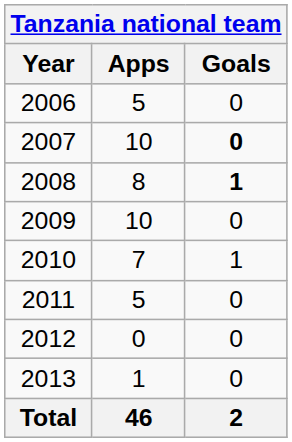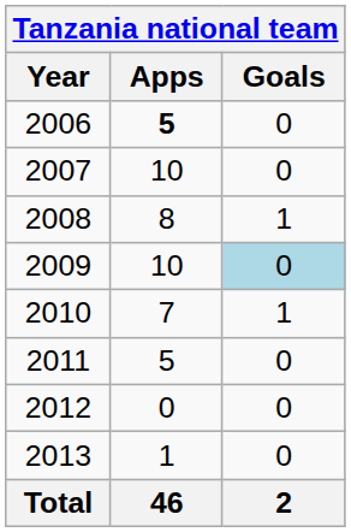 <table class="wikitable" style="text-align:center">
 <tr>
 <th colspan=3><a href='#'>Tanzania national team</a></th>
 </tr>
 <tr>
 <th>Year</th>
 <th>Apps</th>
 <th>Goals</th>
 </tr>
 <tr>
 <td>2006</td>
-<td>5</td>
+<td><strong>5</strong></td>
 <td>0</td>
 </tr>
 <tr>
 <td>2007</td>
 <td>10</td>
-<td><strong>0</strong></td>
+<td>0</td>
 </tr>
 <tr>
 <td>2008</td>
 <td>8</td>
-<td><strong>1</strong></td>
+<td>1</td>
 </tr>
 <tr>
 <td>2009</td>
 <td>10</td>
-<td>0</td>
+<td style="background: lightblue;">0</td>
 </tr>
 <tr>
 <td>2010</td>
 <td>7</td>
 <td>1</td>
 </tr>
 <tr>
 <td>2011</td>
 <td>5</td>
 <td>0</td>
 </tr>
 <tr>
 <td>2012</td>
 <td>0</td>
 <td>0</td>
 </tr>
 <tr>
 <td>2013</td>
 <td>1</td>
 <td>0</td>
 </tr>
 <tr>
 <th>Total</th>
 <th>46</th>
 <th>2</th>
 </tr>
 </table>
